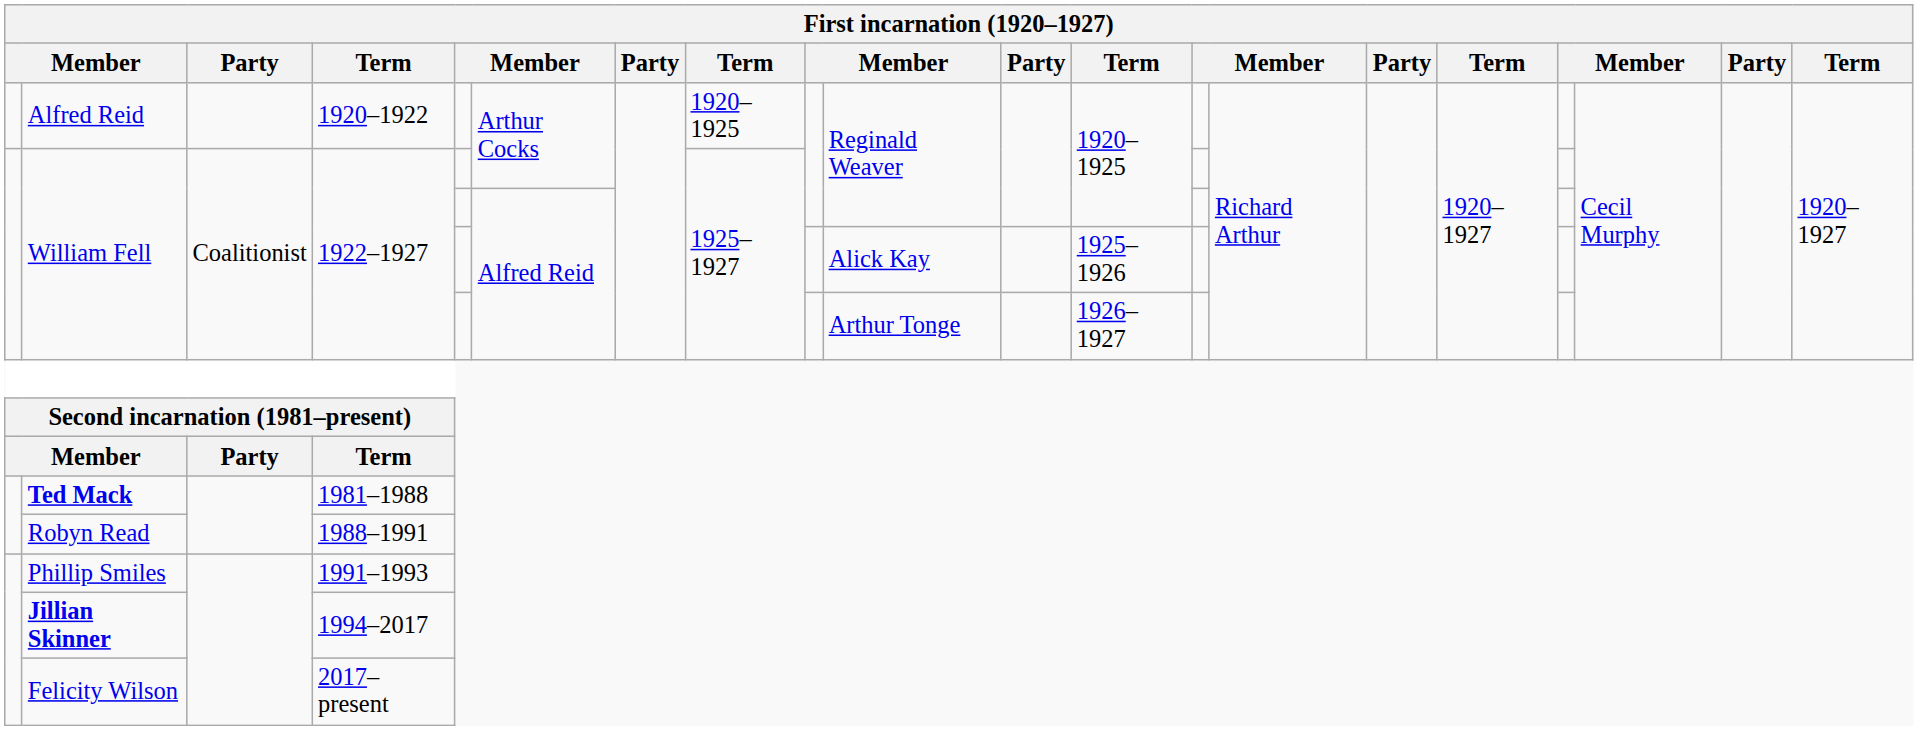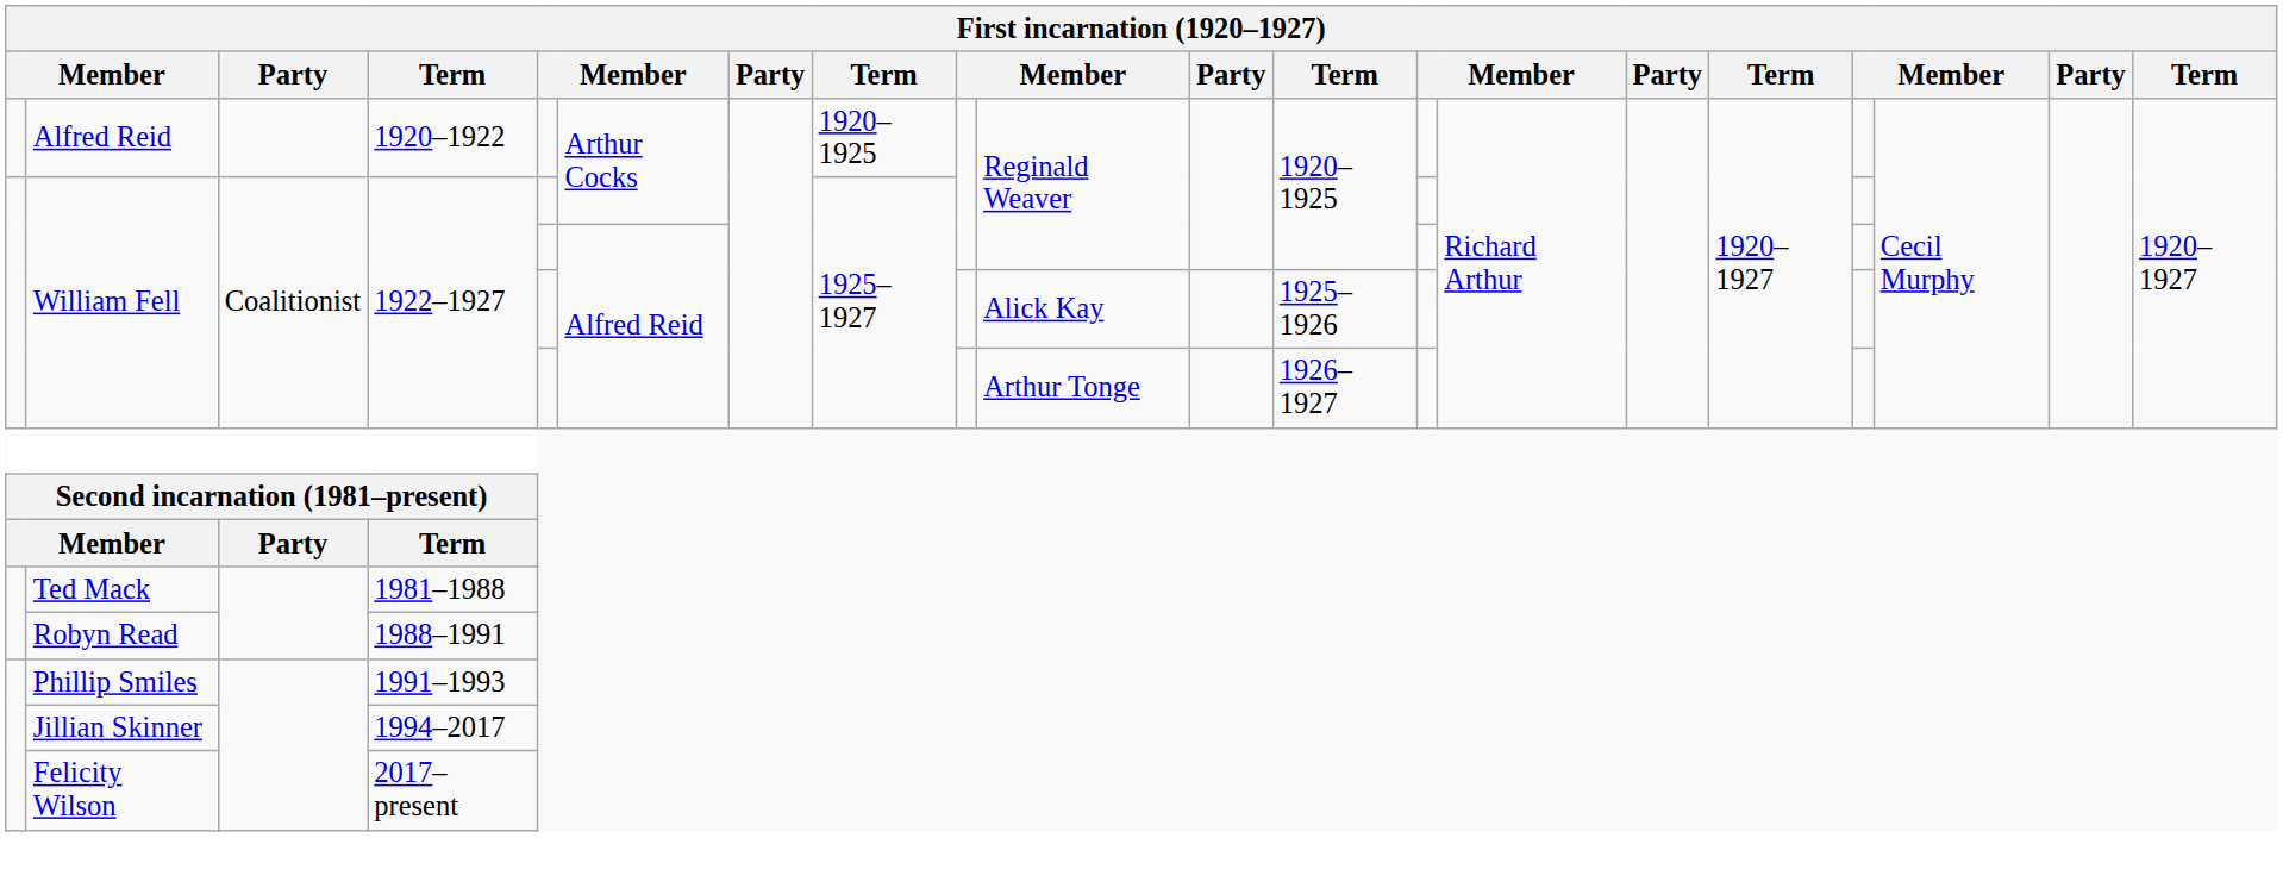 <table class="wikitable" style='border-style: none none none none;'>
 <tr>
 <th colspan="20">First incarnation (1920–1927)</th>
 </tr>
 <tr>
 <th colspan="2">Member</th>
 <th>Party</th>
 <th>Term</th>
 <th colspan="2">Member</th>
 <th>Party</th>
 <th>Term</th>
 <th colspan="2">Member</th>
 <th>Party</th>
 <th>Term</th>
 <th colspan="2">Member</th>
 <th>Party</th>
 <th>Term</th>
 <th colspan="2">Member</th>
 <th>Party</th>
 <th>Term</th>
 </tr>
 <tr style="background: #f9f9f9">
 <td> </td>
 <td><a href='#'>Alfred Reid</a></td>
 <td></td>
 <td><a href='#'>1920</a>–1922</td>
 <td> </td>
 <td rowspan="2"><a href='#'>Arthur Cocks</a></td>
 <td rowspan="5"></td>
 <td><a href='#'>1920</a>–1925</td>
 <td rowspan="3" > </td>
 <td rowspan="3"><a href='#'>Reginald Weaver</a></td>
 <td rowspan="3"></td>
 <td rowspan="3"><a href='#'>1920</a>–1925</td>
 <td> </td>
 <td rowspan="5"><a href='#'>Richard Arthur</a></td>
 <td rowspan="5"></td>
 <td rowspan="5"><a href='#'>1920</a>–1927</td>
 <td> </td>
 <td rowspan="5"><a href='#'>Cecil Murphy</a></td>
 <td rowspan="5"></td>
 <td rowspan="5"><a href='#'>1920</a>–1927</td>
 </tr>
 <tr style="background: #f9f9f9">
 <td rowspan="4" > </td>
 <td rowspan="4"><a href='#'>William Fell</a></td>
 <td rowspan="4"> Coalitionist</td>
 <td rowspan="4"><a href='#'>1922</a>–1927</td>
 <td> </td>
 <td rowspan="4"><a href='#'>1925</a>–1927</td>
 <td> </td>
 <td> </td>
 </tr>
 <tr style="background: #f9f9f9">
 <td> </td>
 <td rowspan="3"><a href='#'>Alfred Reid</a></td>
 <td> </td>
 <td> </td>
 </tr>
 <tr style="background: #f9f9f9">
 <td> </td>
 <td> </td>
 <td><a href='#'>Alick Kay</a></td>
 <td></td>
 <td><a href='#'>1925</a>–1926</td>
 <td> </td>
 <td> </td>
 </tr>
 <tr style="background: #f9f9f9">
 <td> </td>
 <td> </td>
 <td><a href='#'>Arthur Tonge</a></td>
 <td></td>
 <td><a href='#'>1926</a>–1927</td>
 <td> </td>
 <td> </td>
 </tr>
 <tr>
 <td colspan="4" style='background: #FFFFFF; border-style: none none none none;'> </td>
 </tr>
 <tr>
 <th colspan="4">Second incarnation (1981–present)</th>
 </tr>
 <tr style="background: #f9f9f9">
 <th colspan="2">Member</th>
 <th>Party</th>
 <th>Term</th>
 </tr>
 <tr style="background: #f9f9f9">
 <td rowspan="2" > </td>
-<td><strong><a href='#'>Ted Mack</a></strong></td>
+<td><a href='#'>Ted Mack</a></td>
 <td rowspan="2"></td>
 <td><a href='#'>1981</a>–1988</td>
 </tr>
 <tr style="background: #f9f9f9">
 <td><a href='#'>Robyn Read</a></td>
 <td><a href='#'>1988</a>–1991</td>
 </tr>
 <tr style="background: #f9f9f9">
 <td rowspan="3" > </td>
 <td><a href='#'>Phillip Smiles</a></td>
 <td rowspan="3"></td>
 <td><a href='#'>1991</a>–1993</td>
 </tr>
 <tr style="background: #f9f9f9">
-<td><strong><a href='#'>Jillian Skinner</a></strong></td>
+<td><a href='#'>Jillian Skinner</a></td>
 <td><a href='#'>1994</a>–2017</td>
 </tr>
 <tr style="background: #f9f9f9">
 <td><a href='#'>Felicity Wilson</a></td>
 <td><a href='#'>2017</a>–present</td>
 </tr>
 </table>
